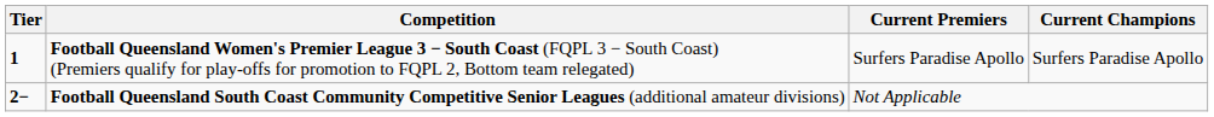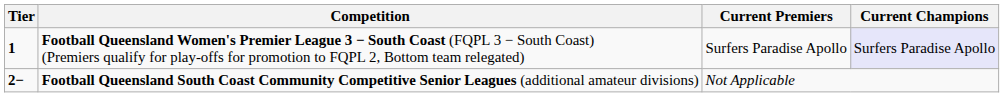 <table class="wikitable">
 <tr>
 <th>Tier</th>
 <th>Competition</th>
 <th>Current Premiers</th>
 <th>Current Champions</th>
 </tr>
 <tr>
 <td><strong>1</strong></td>
 <td><strong>Football Queensland Women's Premier League 3 − South Coast</strong> (FQPL 3 − South Coast)<br>(Premiers qualify for play-offs for promotion to FQPL 2, Bottom team relegated)</td>
 <td>Surfers Paradise Apollo</td>
-<td>Surfers Paradise Apollo</td>
+<td style="background: lavender;">Surfers Paradise Apollo</td>
 </tr>
 <tr>
 <td><strong>2−</strong></td>
 <td><strong>Football Queensland South Coast Community Competitive Senior Leagues</strong> (additional amateur divisions)</td>
 <td colspan="2"><em>Not Applicable</em></td>
 </tr>
 </table>
